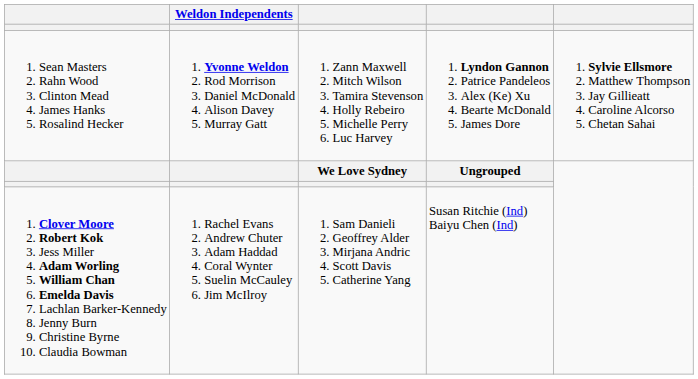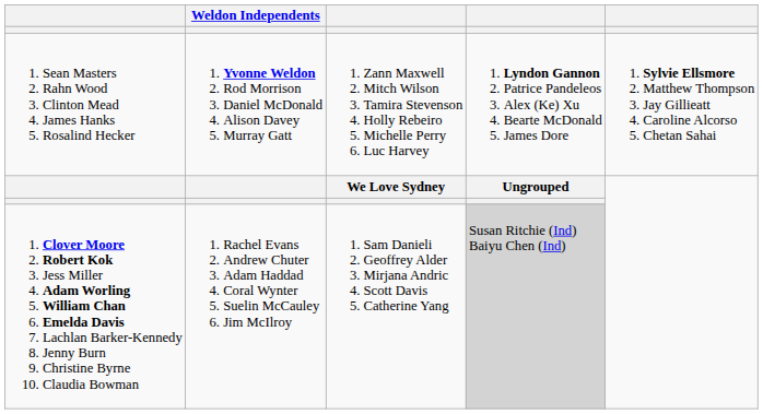 <table class=wikitable>
 <tr>
 <th></th>
 <th><a href='#'>Weldon Independents</a></th>
 <th></th>
 <th></th>
 <th></th>
 </tr>
 <tr style=background:#ccc>
 <th></th>
 <th></th>
 <th></th>
 <th></th>
 <th></th>
 </tr>
 <tr>
 <td valign=top><br><ol><li>Sean Masters</li><li>Rahn Wood</li><li>Clinton Mead</li><li>James Hanks</li><li>Rosalind Hecker</li></ol></td>
 <td valign=top><br><ol><li><strong><a href='#'>Yvonne Weldon</a></strong></li><li>Rod Morrison</li><li>Daniel McDonald</li><li>Alison Davey</li><li>Murray Gatt</li></ol></td>
 <td valign=top><br><ol><li>Zann Maxwell</li><li>Mitch Wilson</li><li>Tamira Stevenson</li><li>Holly Rebeiro</li><li>Michelle Perry</li><li>Luc Harvey</li></ol></td>
 <td valign=top><br><ol><li><strong>Lyndon Gannon</strong></li><li>Patrice Pandeleos</li><li>Alex (Ke) Xu</li><li>Bearte McDonald</li><li>James Dore</li></ol></td>
 <td valign=top><br><ol><li><strong>Sylvie Ellsmore</strong></li><li>Matthew Thompson</li><li>Jay Gillieatt</li><li>Caroline Alcorso</li><li>Chetan Sahai</li></ol></td>
 </tr>
 <tr>
 <th></th>
 <th></th>
 <th>We Love Sydney</th>
 <th>Ungrouped</th>
 </tr>
 <tr style=background:#ccc>
 <th></th>
 <th></th>
 <th></th>
 <th></th>
 </tr>
 <tr>
 <td valign=top><br><ol><li><strong><a href='#'>Clover Moore</a></strong></li><li><strong>Robert Kok</strong></li><li>Jess Miller</li><li><strong>Adam Worling</strong></li><li><strong>William Chan</strong></li><li><strong>Emelda Davis</strong></li><li>Lachlan Barker-Kennedy</li><li>Jenny Burn</li><li>Christine Byrne</li><li>Claudia Bowman</li></ol></td>
 <td valign=top><br><ol><li>Rachel Evans</li><li>Andrew Chuter</li><li>Adam Haddad</li><li>Coral Wynter</li><li>Suelin McCauley</li><li>Jim McIlroy</li></ol></td>
 <td valign=top><br><ol><li>Sam Danieli</li><li>Geoffrey Alder</li><li>Mirjana Andric</li><li>Scott Davis</li><li>Catherine Yang</li></ol></td>
-<td valign=top><br>Susan Ritchie (<a href='#'>Ind</a>) <br> Baiyu Chen (<a href='#'>Ind</a>) <br></td>
+<td valign=top style="background: lightgrey;"><br>Susan Ritchie (<a href='#'>Ind</a>) <br> Baiyu Chen (<a href='#'>Ind</a>) <br></td>
 </tr>
 </table>
